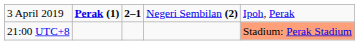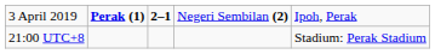 <table class="wikitable mw-collapsible mw-collapsed">
 <tr>
 <td>3 April 2019</td>
 <td><strong><a href='#'>Perak</a> (1)</strong></td>
 <td><strong>2–1</strong></td>
 <td><a href='#'>Negeri Sembilan</a> <strong>(2)</strong></td>
 <td><a href='#'>Ipoh</a>, <a href='#'>Perak</a></td>
 </tr>
 <tr>
 <td>21:00 <a href='#'>UTC+8</a></td>
 <td></td>
 <td></td>
 <td></td>
-<td style="background: lightsalmon;">Stadium: <a href='#'>Perak Stadium</a></td>
+<td>Stadium: <a href='#'>Perak Stadium</a></td>
 </tr>
 </table>
